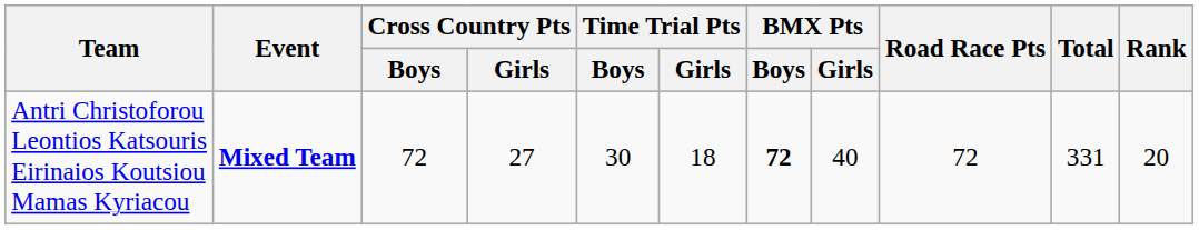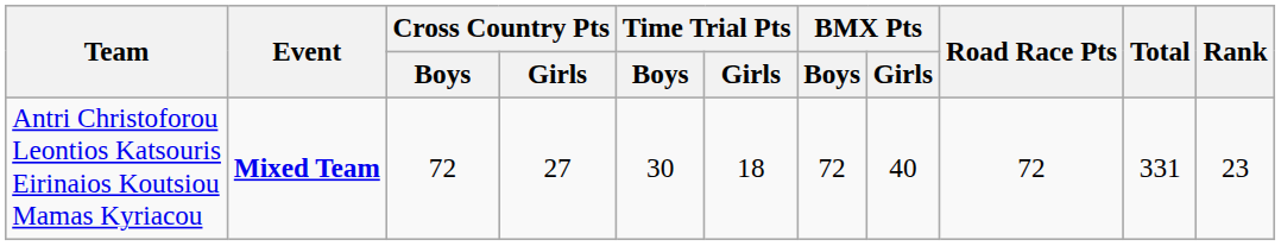 <table class="wikitable" border="1" style="font-size:90%">
 <tr>
 <th rowspan=2>Team</th>
 <th rowspan=2>Event</th>
 <th colspan=2>Cross Country Pts</th>
 <th colspan=2>Time Trial Pts</th>
 <th colspan=2>BMX Pts</th>
 <th rowspan=2>Road Race Pts</th>
 <th rowspan=2>Total</th>
 <th rowspan=2>Rank</th>
 </tr>
 <tr>
 <th>Boys</th>
 <th>Girls</th>
 <th>Boys</th>
 <th>Girls</th>
 <th>Boys</th>
 <th>Girls</th>
 </tr>
 <tr>
 <td><a href='#'>Antri Christoforou</a><br><a href='#'>Leontios Katsouris</a><br><a href='#'>Eirinaios Koutsiou</a><br><a href='#'>Mamas Kyriacou</a></td>
 <td><strong><a href='#'>Mixed Team</a></strong></td>
 <td align=center>72</td>
 <td align=center>27</td>
 <td align=center>30</td>
 <td align=center>18</td>
-<td align=center><strong>72</strong></td>
+<td align=center>72</td>
 <td align=center>40</td>
 <td align=center>72</td>
 <td align=center>331</td>
-<td align=center>20</td>
+<td align=center>23</td>
 </tr>
 </table>
